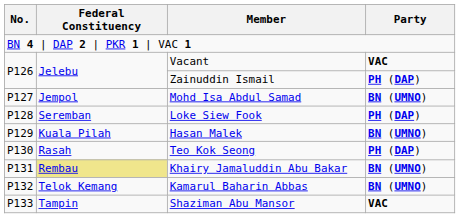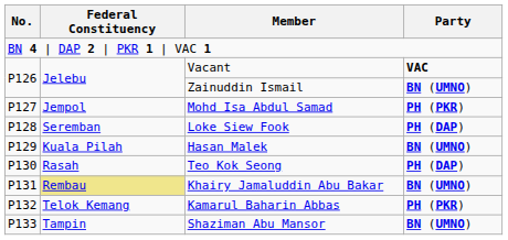 <table class ="wikitable sortable">
 <tr>
 <th style="width:30px;">No.</th>
 <th style="width:150px;">Federal Constituency</th>
 <th style="width:230px;">Member</th>
 <th style="width:100px;">Party</th>
 </tr>
 <tr>
 <td colspan="4"><a href='#'>BN</a> <strong>4</strong> | <a href='#'>DAP</a> <strong>2</strong> | <a href='#'>PKR</a> <strong>1</strong> | VAC <strong>1</strong></td>
 </tr>
 <tr>
 <td rowspan="2">P126</td>
 <td rowspan="2"><a href='#'>Jelebu</a></td>
 <td>Vacant </td>
 <td><strong>VAC</strong></td>
 </tr>
 <tr>
 <td>Zainuddin Ismail  </td>
-<td><strong><a href='#'>PH</a></strong> (<strong><a href='#'>DAP</a></strong>)</td>
+<td><strong><a href='#'>BN</a></strong> (<strong><a href='#'>UMNO</a></strong>)</td>
 </tr>
 <tr>
 <td>P127</td>
 <td><a href='#'>Jempol</a></td>
 <td><a href='#'>Mohd Isa Abdul Samad</a></td>
-<td><strong><a href='#'>BN</a></strong> (<strong><a href='#'>UMNO</a></strong>)</td>
+<td><strong><a href='#'>PH</a></strong> (<strong><a href='#'>PKR</a></strong>)</td>
 </tr>
 <tr>
 <td>P128</td>
 <td><a href='#'>Seremban</a></td>
 <td><a href='#'>Loke Siew Fook</a></td>
 <td><strong><a href='#'>PH</a></strong> (<strong><a href='#'>DAP</a></strong>)</td>
 </tr>
 <tr>
 <td>P129</td>
 <td><a href='#'>Kuala Pilah</a></td>
 <td><a href='#'>Hasan Malek</a></td>
 <td><strong><a href='#'>BN</a></strong> (<strong><a href='#'>UMNO</a></strong>)</td>
 </tr>
 <tr>
 <td>P130</td>
 <td><a href='#'>Rasah</a></td>
 <td><a href='#'>Teo Kok Seong</a></td>
 <td><strong><a href='#'>PH</a></strong> (<strong><a href='#'>DAP</a></strong>)</td>
 </tr>
 <tr>
 <td>P131</td>
 <td style="background: khaki;"><a href='#'>Rembau</a></td>
 <td><a href='#'>Khairy Jamaluddin Abu Bakar</a></td>
 <td><strong><a href='#'>BN</a></strong> (<strong><a href='#'>UMNO</a></strong>)</td>
 </tr>
 <tr>
 <td>P132</td>
 <td><a href='#'>Telok Kemang</a></td>
 <td><a href='#'>Kamarul Baharin Abbas</a></td>
-<td><strong><a href='#'>BN</a></strong> (<strong><a href='#'>UMNO</a></strong>)</td>
+<td><strong><a href='#'>PH</a></strong> (<strong><a href='#'>PKR</a></strong>)</td>
 </tr>
 <tr>
 <td>P133</td>
 <td><a href='#'>Tampin</a></td>
 <td><a href='#'>Shaziman Abu Mansor</a></td>
-<td><strong>VAC</strong></td>
+<td><strong><a href='#'>BN</a></strong> (<strong><a href='#'>UMNO</a></strong>)</td>
 </tr>
 </table>
